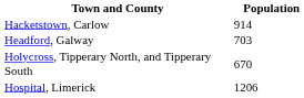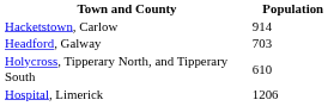 <table>
 <tr>
 <th style="width:300px;align:left;">Town and County</th>
 <th style="width:100px;align:right;">Population</th>
 </tr>
 <tr>
 <td><a href='#'>Hacketstown</a>, Carlow</td>
 <td>914</td>
 </tr>
 <tr>
 <td><a href='#'>Headford</a>, Galway</td>
 <td>703</td>
 </tr>
 <tr>
 <td><a href='#'>Holycross</a>, Tipperary North,  and Tipperary South</td>
-<td>670</td>
+<td>610</td>
 </tr>
 <tr>
 <td><a href='#'>Hospital</a>, Limerick</td>
 <td>1206</td>
 </tr>
 </table>
